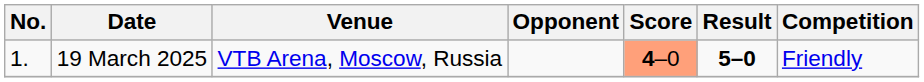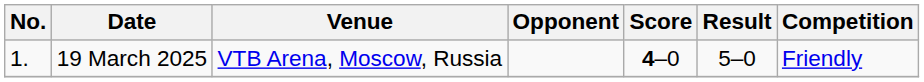 <table class="wikitable">
 <tr>
 <th>No.</th>
 <th>Date</th>
 <th>Venue</th>
 <th>Opponent</th>
 <th>Score</th>
 <th>Result</th>
 <th>Competition</th>
 </tr>
 <tr>
 <td>1.</td>
 <td>19 March 2025</td>
 <td><a href='#'>VTB Arena</a>, <a href='#'>Moscow</a>, Russia</td>
 <td></td>
-<td align=center style="background: lightsalmon;"><strong>4</strong>–0</td>
-<td align=center><strong>5–0</strong></td>
+<td align=center><strong>4</strong>–0</td>
+<td align=center>5–0</td>
 <td><a href='#'>Friendly</a></td>
 </tr>
 <tr>
 </tr>
 </table>
